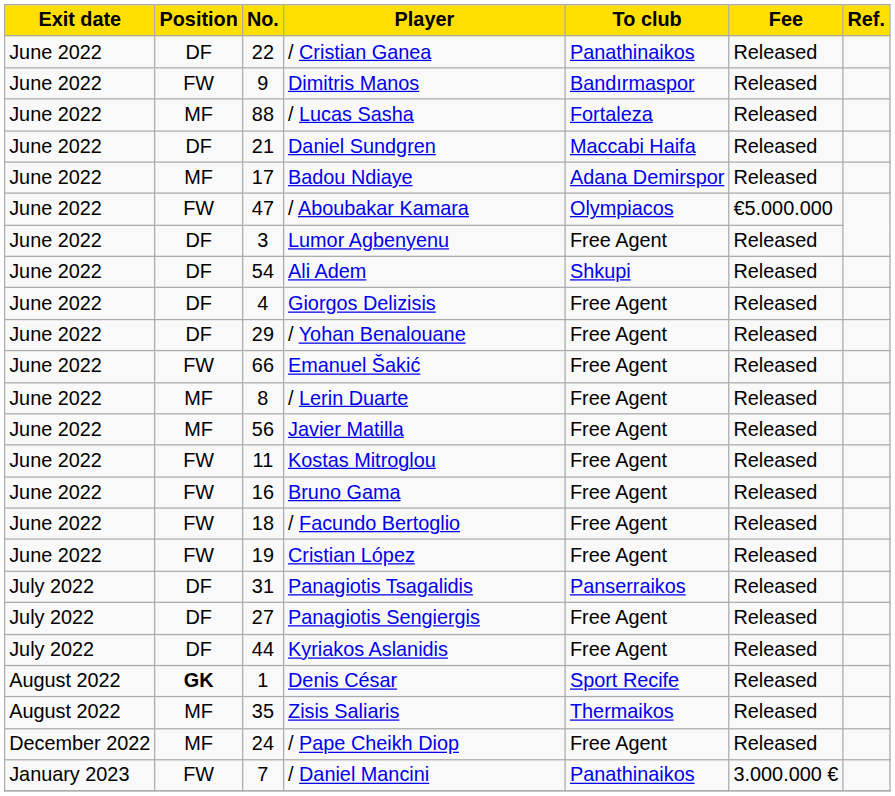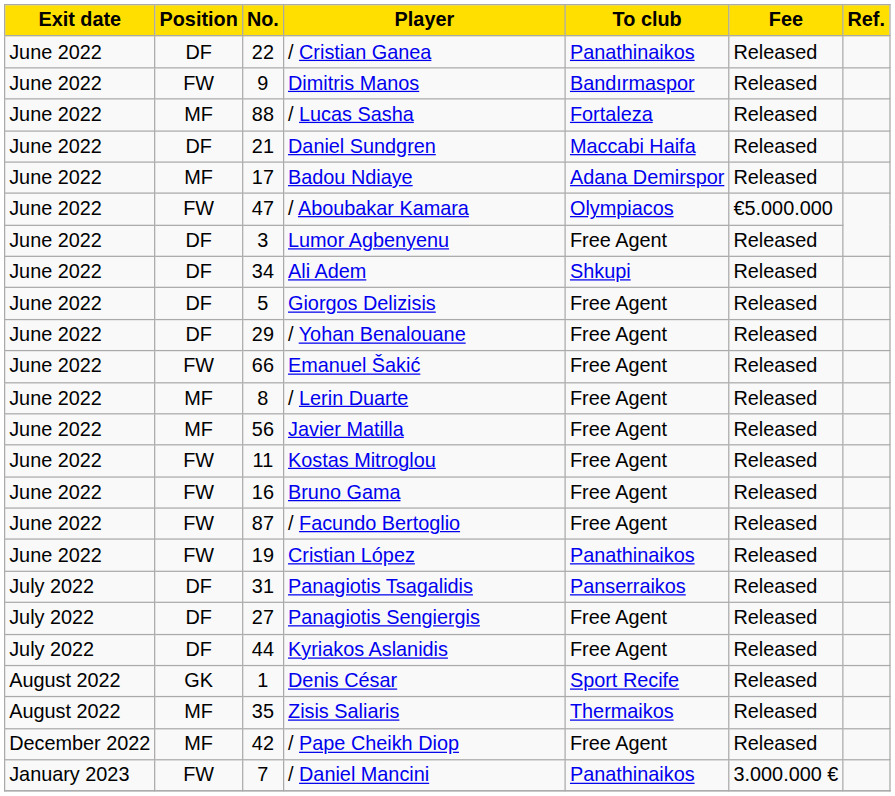 <table class="wikitable sortable">
 <tr>
 <th style="background:#FFDF00; color:black;"><strong>Exit date</strong></th>
 <th style="background:#FFDF00; color:black;"><strong>Position</strong></th>
 <th style="background:#FFDF00; color:black;"><strong>No.</strong></th>
 <th style="background:#FFDF00; color:black;"; width=220><strong>Player</strong></th>
 <th style="background:#FFDF00; color:black;"><strong>To club</strong></th>
 <th style="background:#FFDF00; color:black;"><strong>Fee</strong></th>
 <th style="background:#FFDF00; color:black;"><strong>Ref.</strong></th>
 </tr>
 <tr>
 <td>June 2022</td>
 <td style="text-align:center;">DF</td>
 <td style="text-align:center;">22</td>
 <td style="text-align:left;"> /  <a href='#'>Cristian Ganea</a></td>
 <td style="text-align:left;"> <a href='#'>Panathinaikos</a></td>
 <td>Released</td>
 <td></td>
 </tr>
 <tr>
 <td>June 2022</td>
 <td style="text-align:center;">FW</td>
 <td style="text-align:center;">9</td>
 <td style="text-align:left;"> <a href='#'>Dimitris Manos</a></td>
 <td style="text-align:left;"> <a href='#'>Bandırmaspor</a></td>
 <td>Released</td>
 <td></td>
 </tr>
 <tr>
 <td>June 2022</td>
 <td style="text-align:center;">MF</td>
 <td style="text-align:center;">88</td>
 <td style="text-align:left;"> /  <a href='#'>Lucas Sasha</a></td>
 <td style="text-align:left;"> <a href='#'>Fortaleza</a></td>
 <td>Released</td>
 <td></td>
 </tr>
 <tr>
 <td>June 2022</td>
 <td style="text-align:center;">DF</td>
 <td style="text-align:center;">21</td>
 <td style="text-align:left;"> <a href='#'>Daniel Sundgren</a></td>
 <td style="text-align:left;"> <a href='#'>Maccabi Haifa</a></td>
 <td>Released</td>
 <td></td>
 </tr>
 <tr>
 <td>June 2022</td>
 <td style="text-align:center;">MF</td>
 <td style="text-align:center;">17</td>
 <td style="text-align:left;"> <a href='#'>Badou Ndiaye</a></td>
 <td style="text-align:left;"> <a href='#'>Adana Demirspor</a></td>
 <td>Released</td>
 <td></td>
 </tr>
 <tr>
 <td>June 2022</td>
 <td style="text-align:center;">FW</td>
 <td style="text-align:center;">47</td>
 <td style="text-align:left;"> /  <a href='#'>Aboubakar Kamara</a></td>
 <td style="text-align:left;"> <a href='#'>Olympiacos</a></td>
 <td>€5.000.000</td>
 <td rowspan=2></td>
 </tr>
 <tr>
 <td>June 2022</td>
 <td style="text-align:center;">DF</td>
 <td style="text-align:center;">3</td>
 <td style="text-align:left;"> <a href='#'>Lumor Agbenyenu</a></td>
 <td style="text-align:left;">Free Agent</td>
 <td>Released</td>
 </tr>
 <tr>
 <td>June 2022</td>
 <td style="text-align:center;">DF</td>
-<td style="text-align:center;">54</td>
+<td style="text-align:center;">34</td>
 <td style="text-align:left;"> <a href='#'>Ali Adem</a></td>
 <td style="text-align:left;"> <a href='#'>Shkupi</a></td>
 <td>Released</td>
 <td></td>
 </tr>
 <tr>
 <td>June 2022</td>
 <td style="text-align:center;">DF</td>
-<td style="text-align:center;">4</td>
+<td style="text-align:center;">5</td>
 <td style="text-align:left;"> <a href='#'>Giorgos Delizisis</a></td>
 <td style="text-align:left;">Free Agent</td>
 <td>Released</td>
 <td></td>
 </tr>
 <tr>
 <td>June 2022</td>
 <td style="text-align:center;">DF</td>
 <td style="text-align:center;">29</td>
 <td style="text-align:left;"> /  <a href='#'>Yohan Benalouane</a></td>
 <td style="text-align:left;">Free Agent</td>
 <td>Released</td>
 <td></td>
 </tr>
 <tr>
 <td>June 2022</td>
 <td style="text-align:center;">FW</td>
 <td style="text-align:center;">66</td>
 <td style="text-align:left;"> <a href='#'>Emanuel Šakić</a></td>
 <td style="text-align:left;">Free Agent</td>
 <td>Released</td>
 <td></td>
 </tr>
 <tr>
 <td>June 2022</td>
 <td style="text-align:center;">MF</td>
 <td style="text-align:center;">8</td>
 <td style="text-align:left;"> /  <a href='#'>Lerin Duarte</a></td>
 <td style="text-align:left;">Free Agent</td>
 <td>Released</td>
 <td></td>
 </tr>
 <tr>
 <td>June 2022</td>
 <td style="text-align:center;">MF</td>
 <td style="text-align:center;">56</td>
 <td style="text-align:left;"> <a href='#'>Javier Matilla</a></td>
 <td style="text-align:left;">Free Agent</td>
 <td>Released</td>
 <td></td>
 </tr>
 <tr>
 <td>June 2022</td>
 <td style="text-align:center;">FW</td>
 <td style="text-align:center;">11</td>
 <td style="text-align:left;"> <a href='#'>Kostas Mitroglou</a></td>
 <td style="text-align:left;">Free Agent</td>
 <td>Released</td>
 <td></td>
 </tr>
 <tr>
 <td>June 2022</td>
 <td style="text-align:center;">FW</td>
 <td style="text-align:center;">16</td>
 <td style="text-align:left;"> <a href='#'>Bruno Gama</a></td>
 <td style="text-align:left;">Free Agent</td>
 <td>Released</td>
 <td></td>
 </tr>
 <tr>
 <td>June 2022</td>
 <td style="text-align:center;">FW</td>
-<td style="text-align:center;">18</td>
+<td style="text-align:center;">87</td>
 <td style="text-align:left;"> /  <a href='#'>Facundo Bertoglio</a></td>
 <td style="text-align:left;">Free Agent</td>
 <td>Released</td>
 <td></td>
 </tr>
 <tr>
 <td>June 2022</td>
 <td style="text-align:center;">FW</td>
 <td style="text-align:center;">19</td>
 <td style="text-align:left;"> <a href='#'>Cristian López</a></td>
-<td style="text-align:left;">Free Agent</td>
+<td style="text=align:left;"> <a href='#'>Panathinaikos</a></td>
 <td>Released</td>
 <td></td>
 </tr>
 <tr>
 <td>July 2022</td>
 <td style="text-align:center;">DF</td>
 <td style="text-align:center;">31</td>
 <td style="text-align:left;"> <a href='#'>Panagiotis Tsagalidis</a></td>
 <td style="text-align:left;"> <a href='#'>Panserraikos</a></td>
 <td>Released</td>
 <td></td>
 </tr>
 <tr>
 <td>July 2022</td>
 <td style="text-align:center;">DF</td>
 <td style="text-align:center;">27</td>
 <td style="text-align:left;"> <a href='#'>Panagiotis Sengiergis</a></td>
 <td style="text-align:left;">Free Agent</td>
 <td>Released</td>
 <td></td>
 </tr>
 <tr>
 <td>July 2022</td>
 <td style="text-align:center;">DF</td>
 <td style="text-align:center;">44</td>
 <td style="text-align:left;"> <a href='#'>Kyriakos Aslanidis</a></td>
 <td style="text-align:left;">Free Agent</td>
 <td>Released</td>
 <td></td>
 </tr>
 <tr>
 <td>August 2022</td>
-<td style="text-align:center;"><strong>GK</strong></td>
+<td style="text-align:center;">GK</td>
 <td style="text-align:center;">1</td>
 <td style="text-align:left;"> <a href='#'>Denis César</a></td>
 <td style="text-align:left;"> <a href='#'>Sport Recife</a></td>
 <td>Released</td>
 <td></td>
 </tr>
 <tr>
 <td>August 2022</td>
 <td style="text-align:center;">MF</td>
 <td style="text-align:center;">35</td>
 <td style="text-align:left;"> <a href='#'>Zisis Saliaris</a></td>
 <td style="text-align:left;"> <a href='#'>Thermaikos</a></td>
 <td>Released</td>
 <td></td>
 </tr>
 <tr>
 <td>December 2022</td>
 <td style="text-align:center;">MF</td>
-<td style="text-align:center;">24</td>
+<td style="text-align:center;">42</td>
 <td style="text-align:left;"> /  <a href='#'>Pape Cheikh Diop</a></td>
 <td style="text-align:left;">Free Agent</td>
 <td>Released</td>
 <td></td>
 </tr>
 <tr>
 <td>January 2023</td>
 <td style="text-align:center;">FW</td>
 <td style="text-align:center;">7</td>
 <td style="text-align:left;"> /  <a href='#'>Daniel Mancini</a></td>
 <td style="text=align:left;"> <a href='#'>Panathinaikos</a></td>
 <td>3.000.000 €</td>
 <td></td>
 </tr>
 <tr>
 </tr>
 </table>
